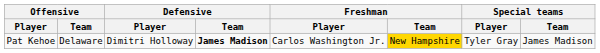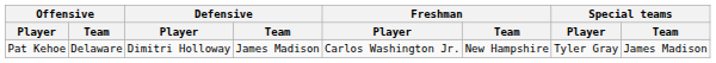 <table class="wikitable" border="1">
 <tr>
 <th colspan="2">Offensive</th>
 <th colspan="2">Defensive</th>
 <th colspan="2">Freshman</th>
 <th colspan="2">Special teams</th>
 </tr>
 <tr>
 <th>Player</th>
 <th>Team</th>
 <th>Player</th>
 <th>Team</th>
 <th>Player</th>
 <th>Team</th>
 <th>Player</th>
 <th>Team</th>
 </tr>
 <tr>
 <td>Pat Kehoe</td>
 <td>Delaware</td>
 <td>Dimitri Holloway</td>
-<td><strong>James Madison</strong></td>
+<td>James Madison</td>
 <td>Carlos Washington Jr.</td>
-<td style="background: gold;">New Hampshire</td>
+<td>New Hampshire</td>
 <td>Tyler Gray</td>
 <td>James Madison</td>
 </tr>
 </table>
